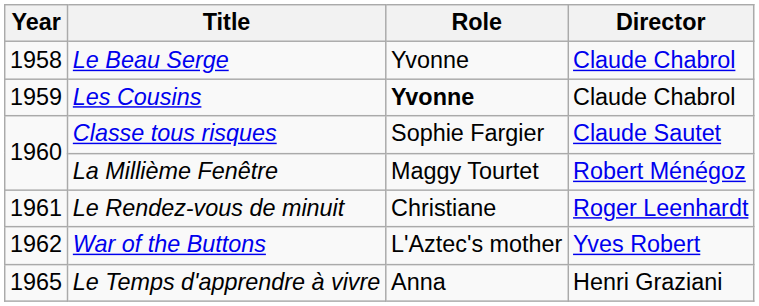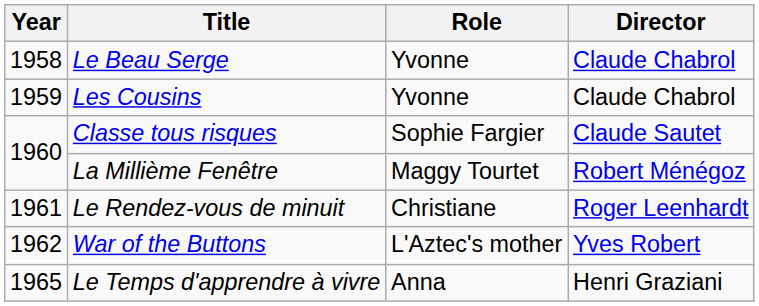 <table class="wikitable sortable">
 <tr>
 <th>Year</th>
 <th>Title</th>
 <th>Role</th>
 <th>Director</th>
 </tr>
 <tr>
 <td>1958</td>
 <td><em><a href='#'>Le Beau Serge</a></em></td>
 <td>Yvonne</td>
 <td><a href='#'>Claude Chabrol</a></td>
 </tr>
 <tr>
 <td>1959</td>
 <td><em><a href='#'>Les Cousins</a></em></td>
-<td><strong>Yvonne</strong></td>
+<td>Yvonne</td>
 <td>Claude Chabrol</td>
 </tr>
 <tr>
 <td rowspan=2>1960</td>
 <td><em><a href='#'>Classe tous risques</a></em></td>
 <td>Sophie Fargier</td>
 <td><a href='#'>Claude Sautet</a></td>
 </tr>
 <tr>
 <td><em>La Millième Fenêtre</em></td>
 <td>Maggy Tourtet</td>
 <td><a href='#'>Robert Ménégoz</a></td>
 </tr>
 <tr>
 <td>1961</td>
 <td><em>Le Rendez-vous de minuit</em></td>
 <td>Christiane</td>
 <td><a href='#'>Roger Leenhardt</a></td>
 </tr>
 <tr>
 <td>1962</td>
 <td><em><a href='#'>War of the Buttons</a></em></td>
 <td>L'Aztec's mother</td>
 <td><a href='#'>Yves Robert</a></td>
 </tr>
 <tr>
 <td>1965</td>
 <td><em>Le Temps d'apprendre à vivre</em></td>
 <td>Anna</td>
 <td>Henri Graziani</td>
 </tr>
 </table>
